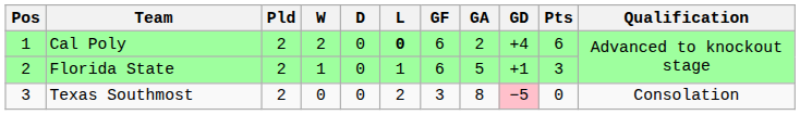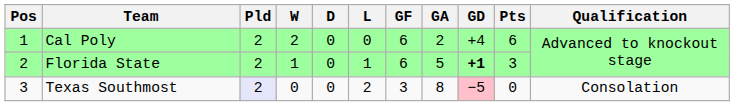 <table class="wikitable" style="text-align:center; margin: 1em auto">
 <tr>
 <th style=width:2em>Pos</th>
 <th style=width:13em>Team</th>
 <th style=width:2em>Pld</th>
 <th style=width:2em>W</th>
 <th style=width:2em>D</th>
 <th style=width:2em>L</th>
 <th style=width:2em>GF</th>
 <th style=width:2em>GA</th>
 <th style=width:2em>GD</th>
 <th style=width:2em>Pts</th>
 <th style=width:13em>Qualification</th>
 </tr>
 <tr bgcolor="#9eff9e">
 <td>1</td>
 <td style="text-align:left">Cal Poly</td>
 <td>2</td>
 <td>2</td>
 <td>0</td>
-<td><strong>0</strong></td>
+<td>0</td>
 <td>6</td>
 <td>2</td>
 <td>+4</td>
 <td>6</td>
 <td rowspan="2">Advanced to knockout stage</td>
 </tr>
 <tr bgcolor="#9eff9e">
 <td>2</td>
 <td style="text-align:left">Florida State</td>
 <td>2</td>
 <td>1</td>
 <td>0</td>
 <td>1</td>
 <td>6</td>
 <td>5</td>
-<td>+1</td>
+<td><strong>+1</strong></td>
 <td>3</td>
 </tr>
 <tr>
 <td>3</td>
 <td style="text-align:left">Texas Southmost</td>
-<td>2</td>
+<td style="background: lavender;">2</td>
 <td>0</td>
 <td>0</td>
 <td>2</td>
 <td>3</td>
 <td>8</td>
 <td style="background: pink;">−5</td>
 <td>0</td>
 <td>Consolation</td>
 </tr>
 </table>
